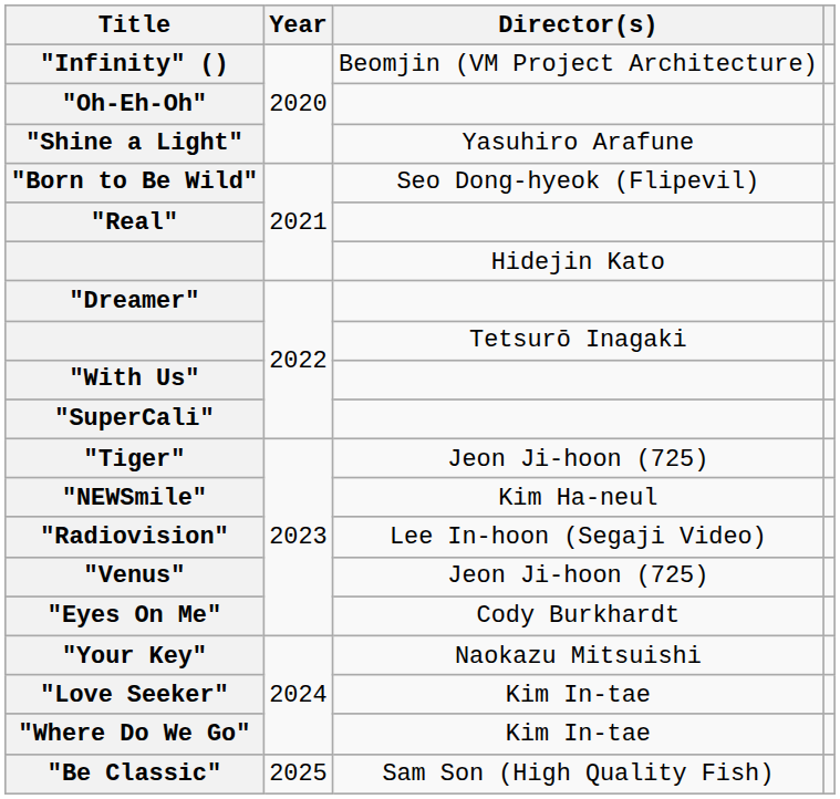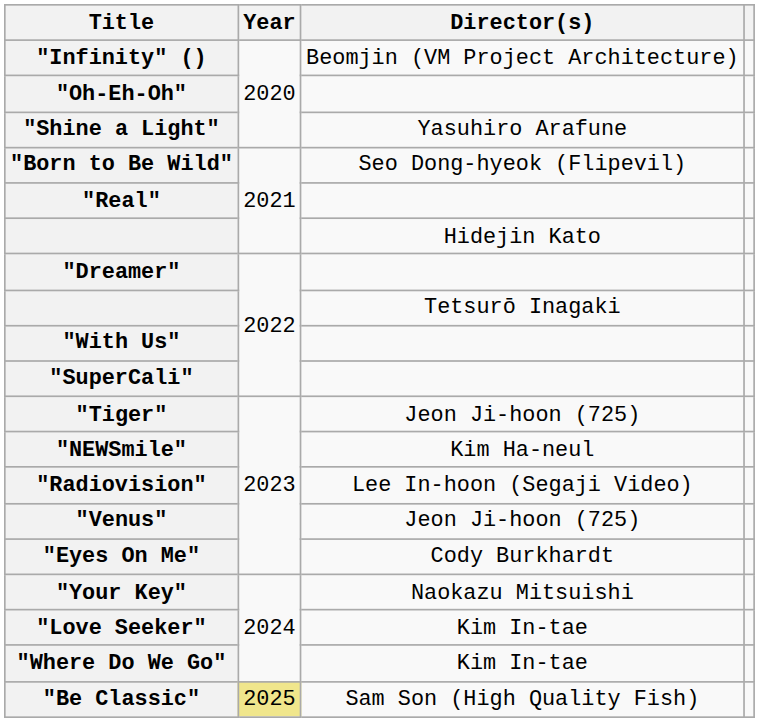 <table class="wikitable plainrowheaders" style="text-align:center;">
 <tr>
 <th scope="col">Title</th>
 <th scope="col">Year</th>
 <th scope="col">Director(s)</th>
 <th scope="col"></th>
 </tr>
 <tr>
 <th scope="row">"Infinity" ()</th>
 <td rowspan="3">2020</td>
 <td>Beomjin (VM Project Architecture)</td>
 <td></td>
 </tr>
 <tr>
 <th scope="row">"Oh-Eh-Oh"</th>
 <td></td>
 <td></td>
 </tr>
 <tr>
 <th scope="row">"Shine a Light"</th>
 <td>Yasuhiro Arafune</td>
 <td></td>
 </tr>
 <tr>
 <th scope="row">"Born to Be Wild"</th>
 <td rowspan="3">2021</td>
 <td>Seo Dong-hyeok (Flipevil)</td>
 <td></td>
 </tr>
 <tr>
 <th scope="row">"Real"</th>
 <td></td>
 <td></td>
 </tr>
 <tr>
 <th scope="row"></th>
 <td>Hidejin Kato</td>
 <td></td>
 </tr>
 <tr>
 <th scope="row">"Dreamer"</th>
 <td rowspan="4">2022</td>
 <td></td>
 <td></td>
 </tr>
 <tr>
 <th scope="row"></th>
 <td>Tetsurō Inagaki</td>
 <td></td>
 </tr>
 <tr>
 <th scope="row">"With Us"</th>
 <td></td>
 <td></td>
 </tr>
 <tr>
 <th scope="row">"SuperCali"</th>
 <td></td>
 <td></td>
 </tr>
 <tr>
 <th scope="row">"Tiger"</th>
 <td rowspan=5>2023</td>
 <td>Jeon Ji-hoon (725)</td>
 <td></td>
 </tr>
 <tr>
 <th scope="row">"NEWSmile"</th>
 <td>Kim Ha-neul</td>
 <td></td>
 </tr>
 <tr>
 <th scope="row">"Radiovision"</th>
 <td>Lee In-hoon (Segaji Video)</td>
 <td></td>
 </tr>
 <tr>
 <th scope="row">"Venus"</th>
 <td>Jeon Ji-hoon (725)</td>
 <td></td>
 </tr>
 <tr>
 <th scope="row">"Eyes On Me"</th>
 <td>Cody Burkhardt</td>
 <td></td>
 </tr>
 <tr>
 <th scope="row">"Your Key"</th>
 <td rowspan=3>2024</td>
 <td>Naokazu Mitsuishi</td>
 <td></td>
 </tr>
 <tr>
 <th scope="row">"Love Seeker"</th>
 <td>Kim In-tae</td>
 <td></td>
 </tr>
 <tr>
 <th scope="row">"Where Do We Go"</th>
 <td>Kim In-tae</td>
 <td></td>
 </tr>
 <tr>
 <th scope="row">"Be Classic"</th>
-<td>2025</td>
+<td style="background: khaki;">2025</td>
 <td>Sam Son (High Quality Fish)</td>
 <td></td>
 </tr>
 </table>
